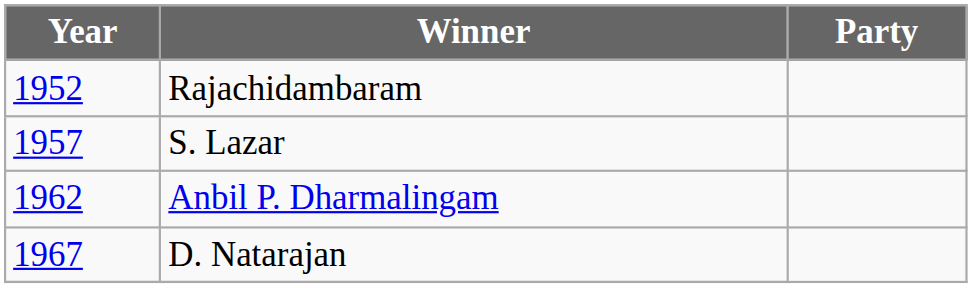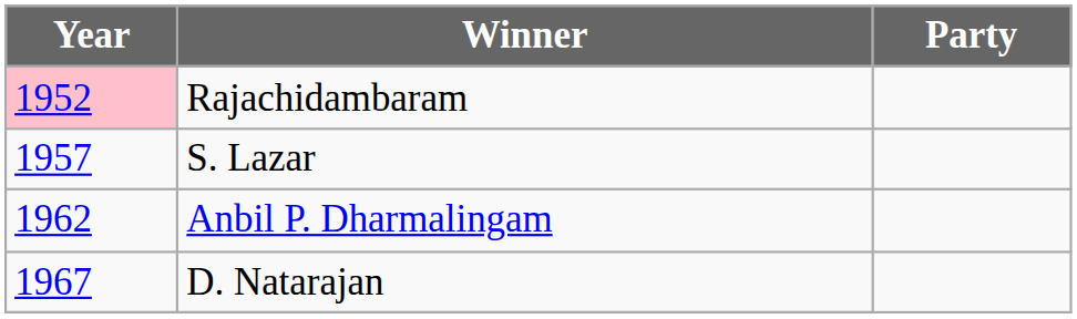 <table class="wikitable" width="50%">
 <tr>
 <th style="background-color:#666666; color:white">Year</th>
 <th style="background-color:#666666; color:white">Winner</th>
 <th style="background-color:#666666; color:white" colspan="2">Party</th>
 </tr>
 <tr>
-<td><a href='#'>1952</a></td>
+<td style="background: pink;"><a href='#'>1952</a></td>
 <td>Rajachidambaram</td>
 <td></td>
 </tr>
 <tr>
 <td><a href='#'>1957</a></td>
 <td>S. Lazar</td>
 <td></td>
 </tr>
 <tr>
 <td><a href='#'>1962</a></td>
 <td><a href='#'>Anbil P. Dharmalingam</a></td>
 <td></td>
 </tr>
 <tr>
 <td><a href='#'>1967</a></td>
 <td>D. Natarajan</td>
 </tr>
 <tr>
 </tr>
 </table>
